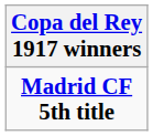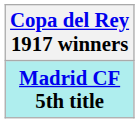 <table class="wikitable" style="text-align: center; margin: 0 auto;">
 <tr>
 <th><a href='#'>Copa del Rey</a><br>1917 winners</th>
 </tr>
 <tr>
-<td><strong><a href='#'>Madrid CF</a></strong><br><strong>5th title</strong></td>
+<td style="background: paleturquoise;"><strong><a href='#'>Madrid CF</a></strong><br><strong>5th title</strong></td>
 </tr>
 </table>
